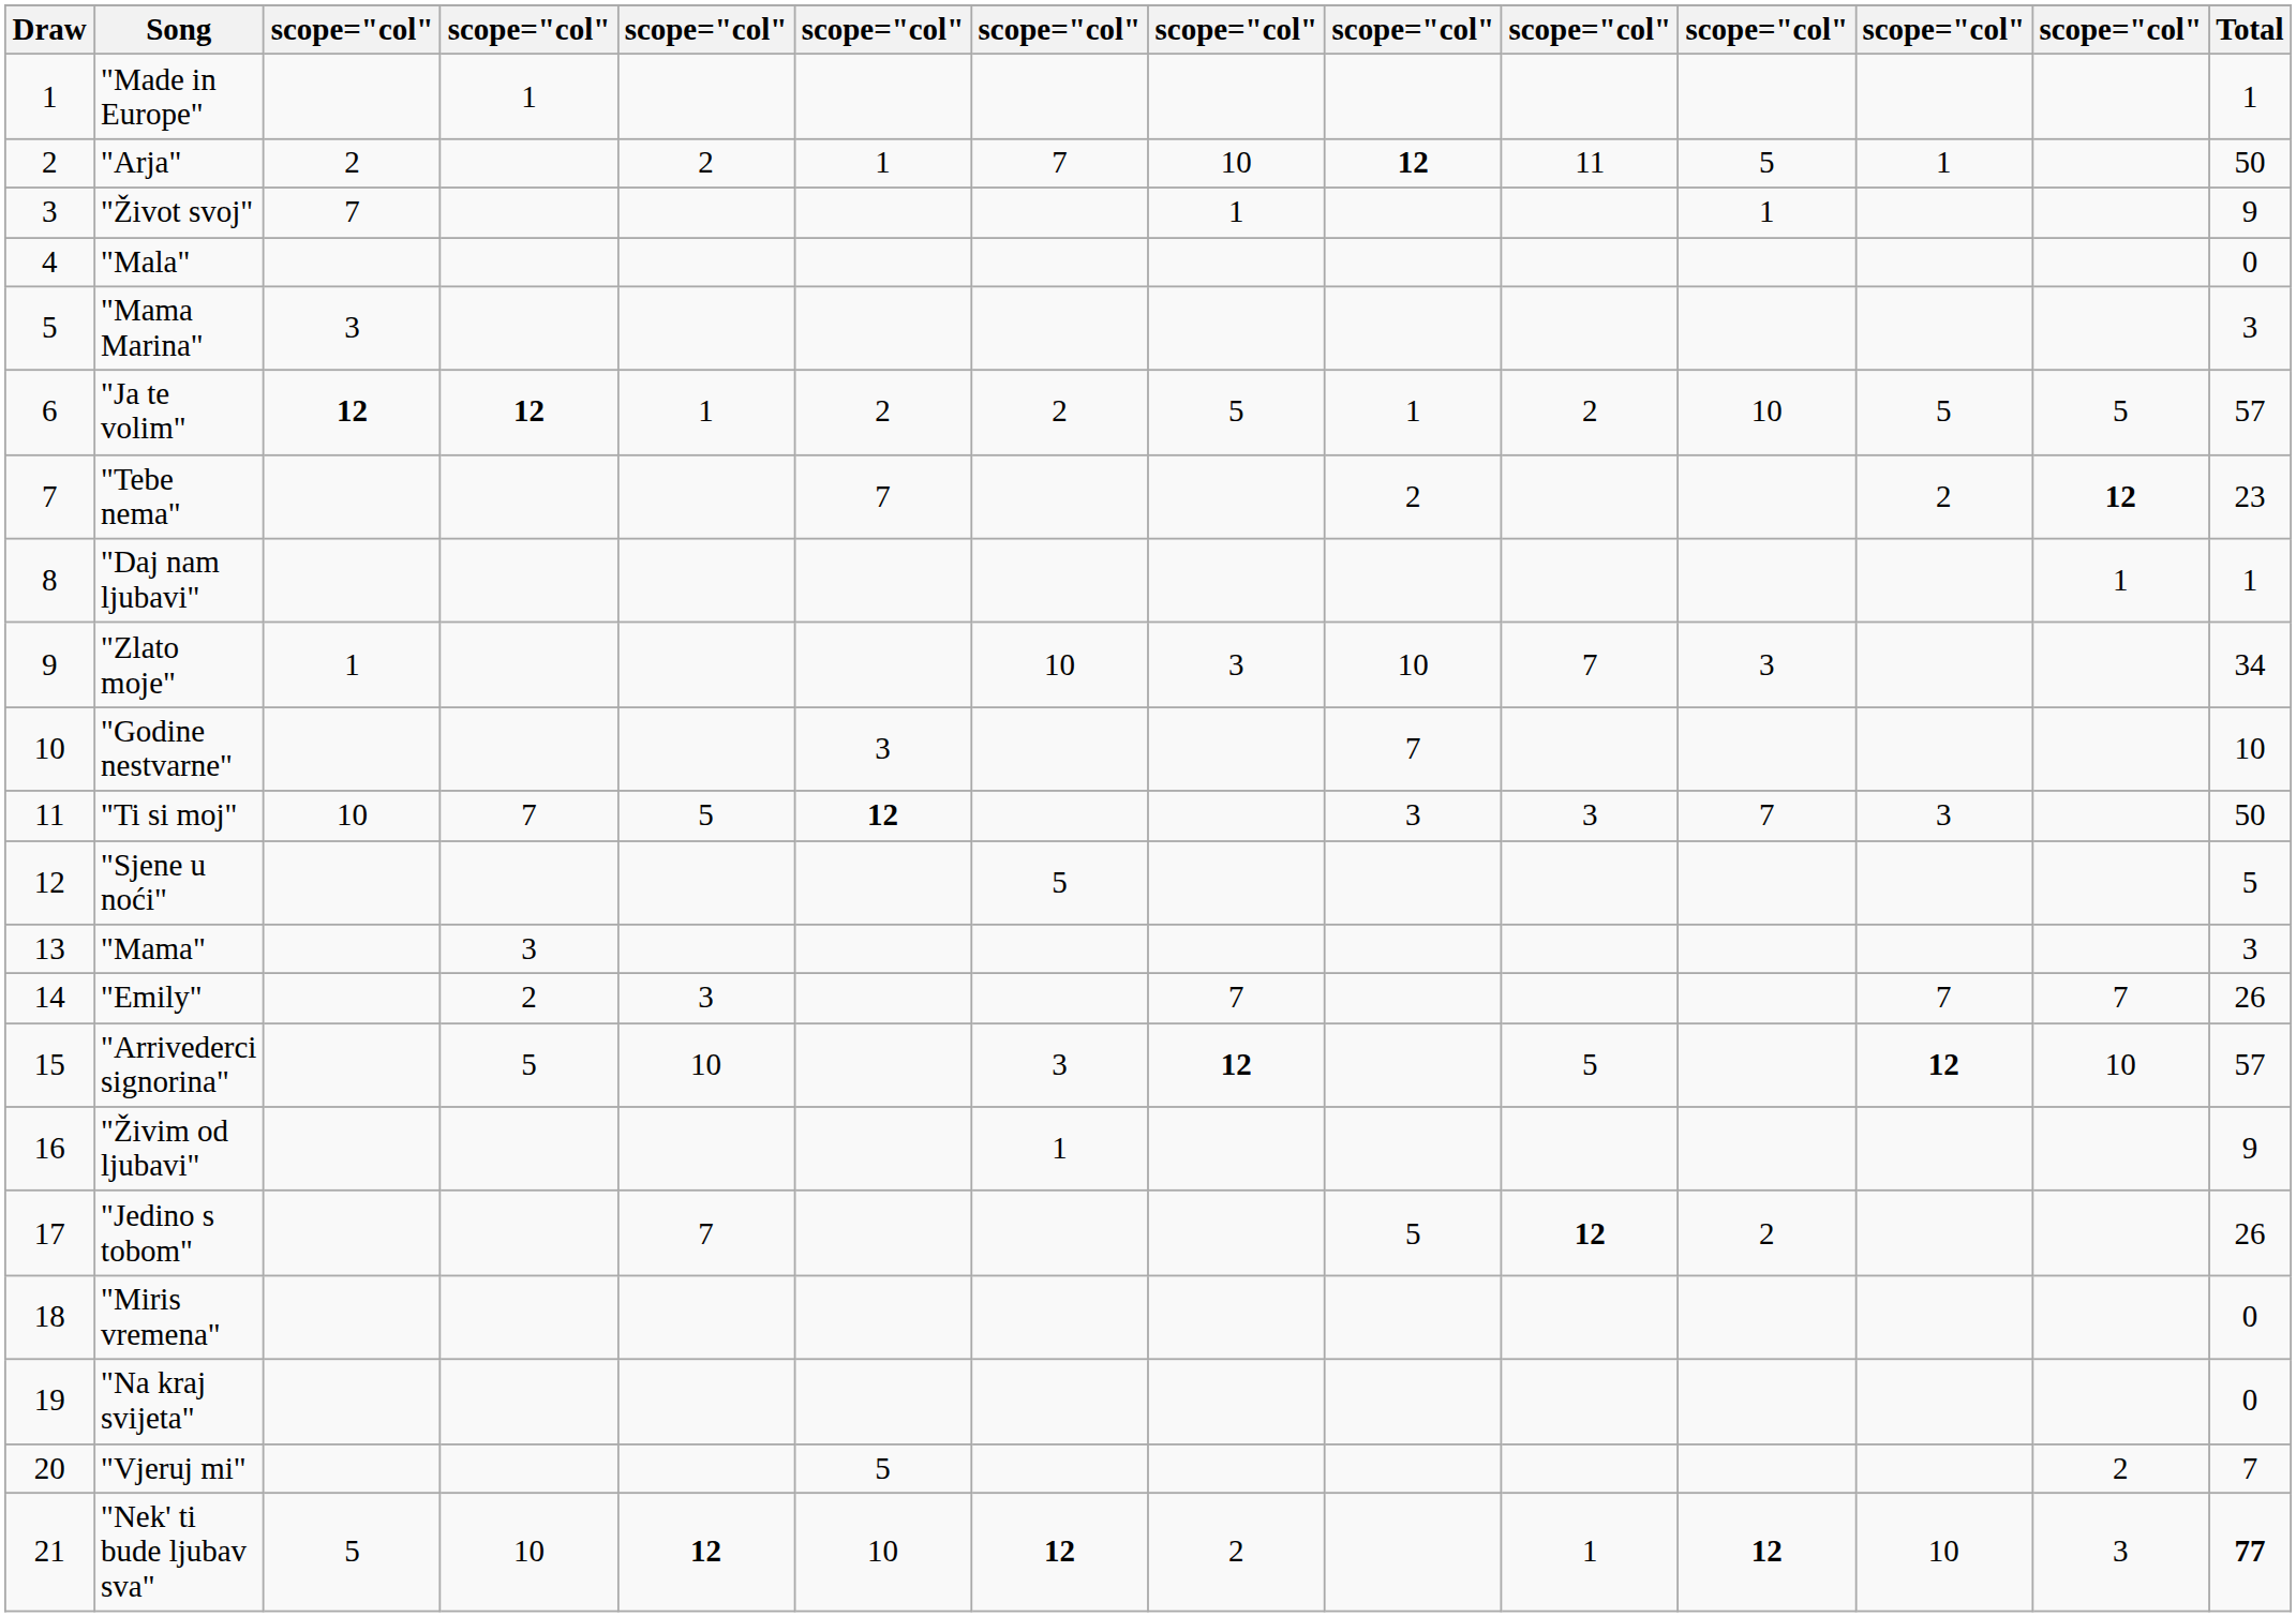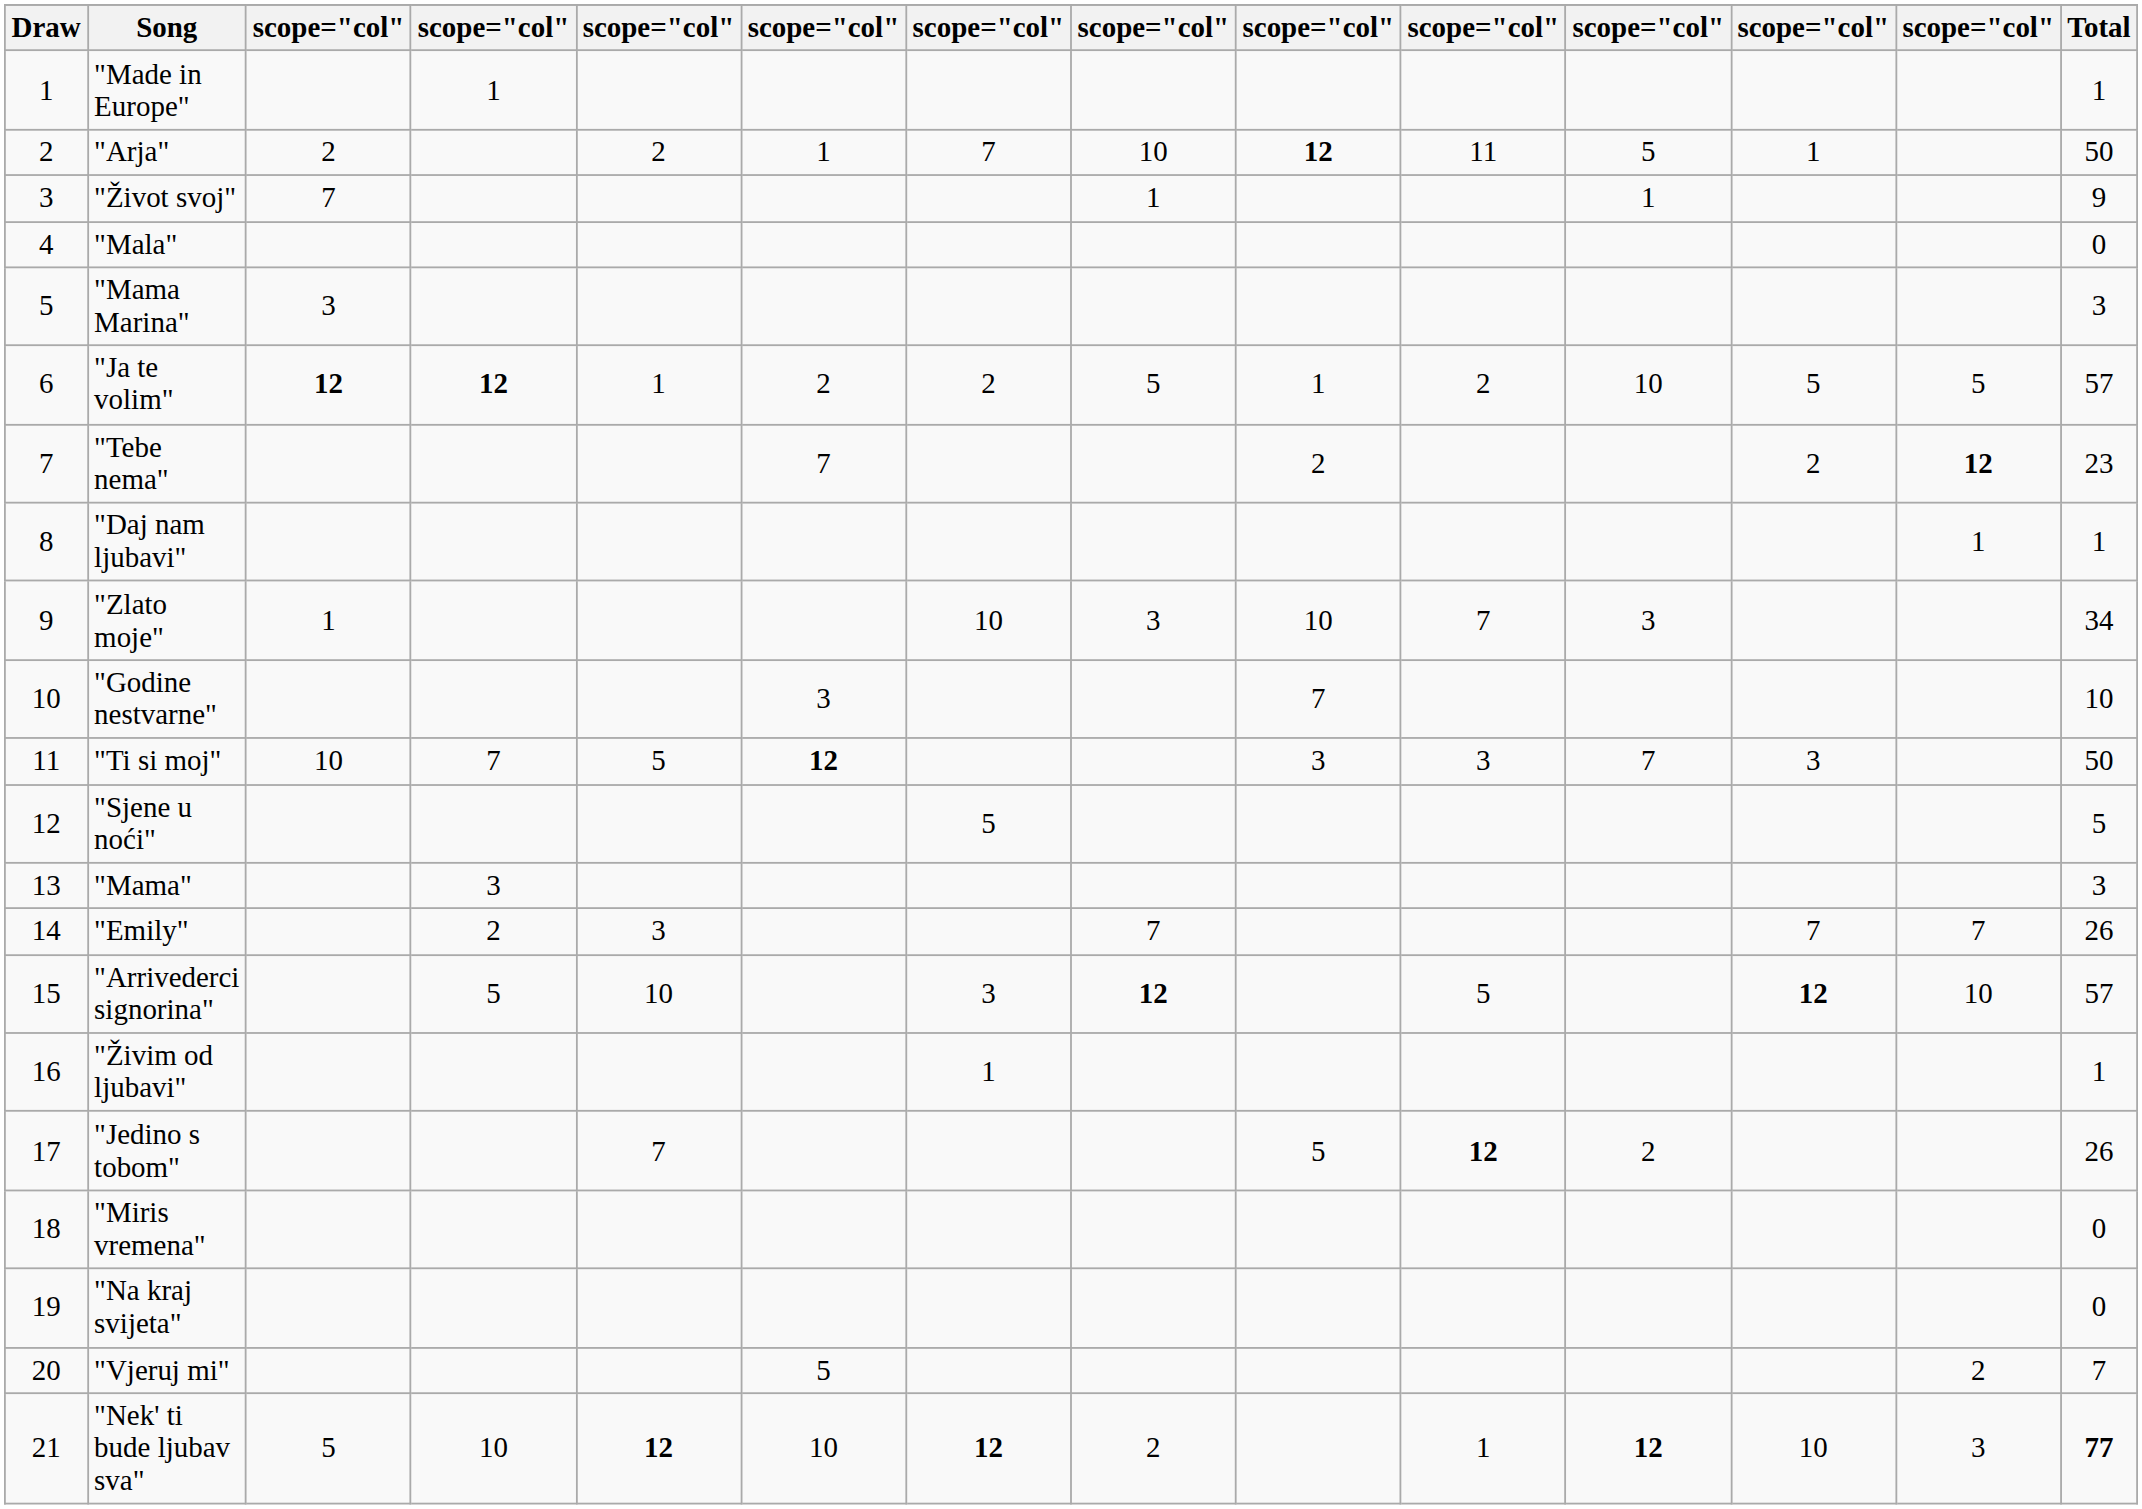 <table class="wikitable plainrowheaders" style="margin: 1em auto 1em auto; text-align:center;">
 <tr>
 </tr>
 <tr --->
 <th scope="col">Draw</th>
 <th scope="col">Song</th>
 <th>scope="col" </th>
 <th>scope="col" </th>
 <th>scope="col" </th>
 <th>scope="col" </th>
 <th>scope="col" </th>
 <th>scope="col" </th>
 <th>scope="col" </th>
 <th>scope="col" </th>
 <th>scope="col" </th>
 <th>scope="col" </th>
 <th>scope="col" </th>
 <th scope="col">Total</th>
 </tr>
 <tr --->
 <td>1</td>
 <td align="left">"Made in Europe"</td>
 <td></td>
 <td>1</td>
 <td></td>
 <td></td>
 <td></td>
 <td></td>
 <td></td>
 <td></td>
 <td></td>
 <td></td>
 <td></td>
 <td>1</td>
 </tr>
 <tr --->
 <td>2</td>
 <td align="left">"Arja"</td>
 <td>2</td>
 <td></td>
 <td>2</td>
 <td>1</td>
 <td>7</td>
 <td>10</td>
 <td><strong>12</strong></td>
 <td>11</td>
 <td>5</td>
 <td>1</td>
 <td></td>
 <td>50</td>
 </tr>
 <tr --->
 <td>3</td>
 <td align="left">"Život svoj"</td>
 <td>7</td>
 <td></td>
 <td></td>
 <td></td>
 <td></td>
 <td>1</td>
 <td></td>
 <td></td>
 <td>1</td>
 <td></td>
 <td></td>
 <td>9</td>
 </tr>
 <tr --->
 <td>4</td>
 <td align="left">"Mala"</td>
 <td></td>
 <td></td>
 <td></td>
 <td></td>
 <td></td>
 <td></td>
 <td></td>
 <td></td>
 <td></td>
 <td></td>
 <td></td>
 <td>0</td>
 </tr>
 <tr --->
 <td>5</td>
 <td align="left">"Mama Marina"</td>
 <td>3</td>
 <td></td>
 <td></td>
 <td></td>
 <td></td>
 <td></td>
 <td></td>
 <td></td>
 <td></td>
 <td></td>
 <td></td>
 <td>3</td>
 </tr>
 <tr --->
 <td>6</td>
 <td align="left">"Ja te volim"</td>
 <td><strong>12</strong></td>
 <td><strong>12</strong></td>
 <td>1</td>
 <td>2</td>
 <td>2</td>
 <td>5</td>
 <td>1</td>
 <td>2</td>
 <td>10</td>
 <td>5</td>
 <td>5</td>
 <td>57</td>
 </tr>
 <tr --->
 <td>7</td>
 <td align="left">"Tebe nema"</td>
 <td></td>
 <td></td>
 <td></td>
 <td>7</td>
 <td></td>
 <td></td>
 <td>2</td>
 <td></td>
 <td></td>
 <td>2</td>
 <td><strong>12</strong></td>
 <td>23</td>
 </tr>
 <tr --->
 <td>8</td>
 <td align="left">"Daj nam ljubavi"</td>
 <td></td>
 <td></td>
 <td></td>
 <td></td>
 <td></td>
 <td></td>
 <td></td>
 <td></td>
 <td></td>
 <td></td>
 <td>1</td>
 <td>1</td>
 </tr>
 <tr --->
 <td>9</td>
 <td align="left">"Zlato moje"</td>
 <td>1</td>
 <td></td>
 <td></td>
 <td></td>
 <td>10</td>
 <td>3</td>
 <td>10</td>
 <td>7</td>
 <td>3</td>
 <td></td>
 <td></td>
 <td>34</td>
 </tr>
 <tr --->
 <td>10</td>
 <td align="left">"Godine nestvarne"</td>
 <td></td>
 <td></td>
 <td></td>
 <td>3</td>
 <td></td>
 <td></td>
 <td>7</td>
 <td></td>
 <td></td>
 <td></td>
 <td></td>
 <td>10</td>
 </tr>
 <tr --->
 <td>11</td>
 <td align="left">"Ti si moj"</td>
 <td>10</td>
 <td>7</td>
 <td>5</td>
 <td><strong>12</strong></td>
 <td></td>
 <td></td>
 <td>3</td>
 <td>3</td>
 <td>7</td>
 <td>3</td>
 <td></td>
 <td>50</td>
 </tr>
 <tr --->
 <td>12</td>
 <td align="left">"Sjene u noći"</td>
 <td></td>
 <td></td>
 <td></td>
 <td></td>
 <td>5</td>
 <td></td>
 <td></td>
 <td></td>
 <td></td>
 <td></td>
 <td></td>
 <td>5</td>
 </tr>
 <tr --->
 <td>13</td>
 <td align="left">"Mama"</td>
 <td></td>
 <td>3</td>
 <td></td>
 <td></td>
 <td></td>
 <td></td>
 <td></td>
 <td></td>
 <td></td>
 <td></td>
 <td></td>
 <td>3</td>
 </tr>
 <tr --->
 <td>14</td>
 <td align="left">"Emily"</td>
 <td></td>
 <td>2</td>
 <td>3</td>
 <td></td>
 <td></td>
 <td>7</td>
 <td></td>
 <td></td>
 <td></td>
 <td>7</td>
 <td>7</td>
 <td>26</td>
 </tr>
 <tr --->
 <td>15</td>
 <td align="left">"Arrivederci signorina"</td>
 <td></td>
 <td>5</td>
 <td>10</td>
 <td></td>
 <td>3</td>
 <td><strong>12</strong></td>
 <td></td>
 <td>5</td>
 <td></td>
 <td><strong>12</strong></td>
 <td>10</td>
 <td>57</td>
 </tr>
 <tr --->
 <td>16</td>
 <td align="left">"Živim od ljubavi"</td>
 <td></td>
 <td></td>
 <td></td>
 <td></td>
 <td>1</td>
 <td></td>
 <td></td>
 <td></td>
 <td></td>
 <td></td>
 <td></td>
-<td>9</td>
+<td>1</td>
 </tr>
 <tr --->
 <td>17</td>
 <td align="left">"Jedino s tobom"</td>
 <td></td>
 <td></td>
 <td>7</td>
 <td></td>
 <td></td>
 <td></td>
 <td>5</td>
 <td><strong>12</strong></td>
 <td>2</td>
 <td></td>
 <td></td>
 <td>26</td>
 </tr>
 <tr --->
 <td>18</td>
 <td align="left">"Miris vremena"</td>
 <td></td>
 <td></td>
 <td></td>
 <td></td>
 <td></td>
 <td></td>
 <td></td>
 <td></td>
 <td></td>
 <td></td>
 <td></td>
 <td>0</td>
 </tr>
 <tr --->
 <td>19</td>
 <td align="left">"Na kraj svijeta"</td>
 <td></td>
 <td></td>
 <td></td>
 <td></td>
 <td></td>
 <td></td>
 <td></td>
 <td></td>
 <td></td>
 <td></td>
 <td></td>
 <td>0</td>
 </tr>
 <tr --->
 <td>20</td>
 <td align="left">"Vjeruj mi"</td>
 <td></td>
 <td></td>
 <td></td>
 <td>5</td>
 <td></td>
 <td></td>
 <td></td>
 <td></td>
 <td></td>
 <td></td>
 <td>2</td>
 <td>7</td>
 </tr>
 <tr>
 <td>21</td>
 <td align="left">"Nek' ti bude ljubav sva"</td>
 <td>5</td>
 <td>10</td>
 <td><strong>12</strong></td>
 <td>10</td>
 <td><strong>12</strong></td>
 <td>2</td>
 <td></td>
 <td>1</td>
 <td><strong>12</strong></td>
 <td>10</td>
 <td>3</td>
 <td><strong>77</strong></td>
 </tr>
 </table>
